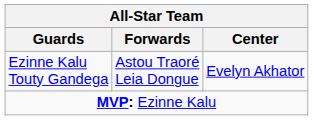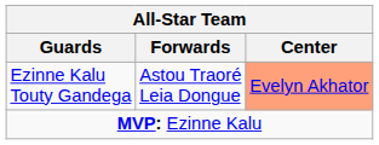 <table class=wikitable style="margin:auto">
 <tr>
 <th colspan=3 align=center>All-Star Team</th>
 </tr>
 <tr>
 <th>Guards</th>
 <th>Forwards</th>
 <th>Center</th>
 </tr>
 <tr>
 <td> <a href='#'>Ezinne Kalu</a><br> <a href='#'>Touty Gandega</a></td>
 <td valign=center> <a href='#'>Astou Traoré</a><br> <a href='#'>Leia Dongue</a></td>
-<td> <a href='#'>Evelyn Akhator</a></td>
+<td style="background: lightsalmon;"> <a href='#'>Evelyn Akhator</a></td>
 </tr>
 <tr>
 <td colspan=3 align=center><strong><a href='#'>MVP</a>:</strong>  <a href='#'>Ezinne Kalu</a></td>
 </tr>
 </table>
